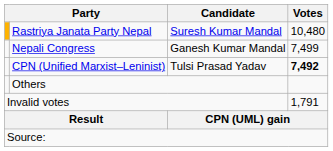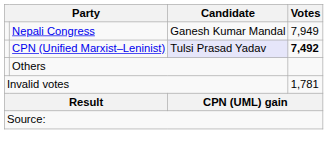 <table class="wikitable">
 <tr>
 <th colspan="2">Party</th>
 <th>Candidate</th>
 <th>Votes</th>
 </tr>
 <tr>
-<td style="background-color:#ffb300"></td>
-<td><a href='#'>Rastriya Janata Party Nepal</a></td>
-<td><a href='#'>Suresh Kumar Mandal</a></td>
-<td>10,480</td>
-</tr>
-<tr>
 <td style="background-color:"></td>
 <td><a href='#'>Nepali Congress</a></td>
 <td>Ganesh Kumar Mandal</td>
-<td>7,499</td>
+<td>7,949</td>
 </tr>
 <tr>
 <td style="background-color:"></td>
 <td><a href='#'>CPN (Unified Marxist–Leninist)</a></td>
-<td>Tulsi Prasad Yadav</td>
+<td style="background: lavender;">Tulsi Prasad Yadav</td>
 <td><strong>7,492</strong></td>
 </tr>
 <tr>
 <td></td>
 <td colspan="2">Others</td>
 <td></td>
 </tr>
 <tr>
 <td colspan="3">Invalid votes</td>
-<td>1,791</td>
+<td>1,781</td>
 </tr>
 <tr>
 <th colspan="2">Result</th>
 <th colspan="2">CPN (UML) gain</th>
 </tr>
 <tr>
 <td colspan="4">Source: </td>
 </tr>
 </table>
